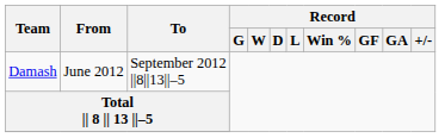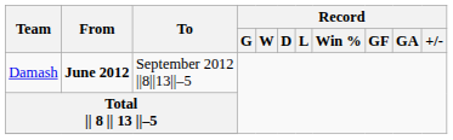 <table class="wikitable" style="text-align: center">
 <tr>
 <th rowspan="2">Team</th>
 <th rowspan="2">From</th>
 <th rowspan="2">To</th>
 <th colspan="8">Record</th>
 </tr>
 <tr>
 <th>G</th>
 <th>W</th>
 <th>D</th>
 <th>L</th>
 <th>Win %</th>
 <th>GF</th>
 <th>GA</th>
 <th>+/-</th>
 </tr>
 <tr>
 <td><a href='#'>Damash</a></td>
-<td align="left">June 2012</td>
+<td align="left"><strong>June 2012</strong></td>
 <td align="left">September 2012<br>||8||13||–5</td>
 </tr>
 <tr>
 <th colspan="3">Total<br>|| 8 || 13 ||–5</th>
 </tr>
 <tr>
 </tr>
 </table>
